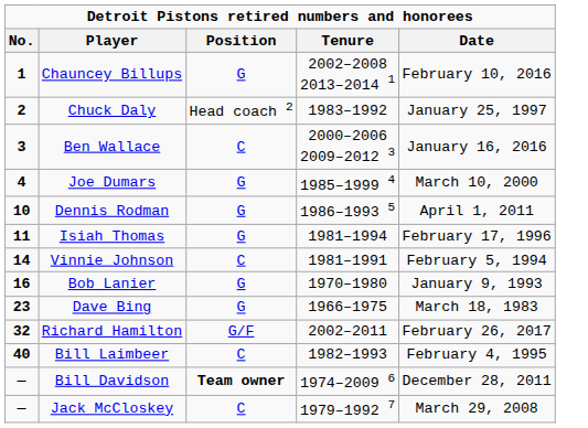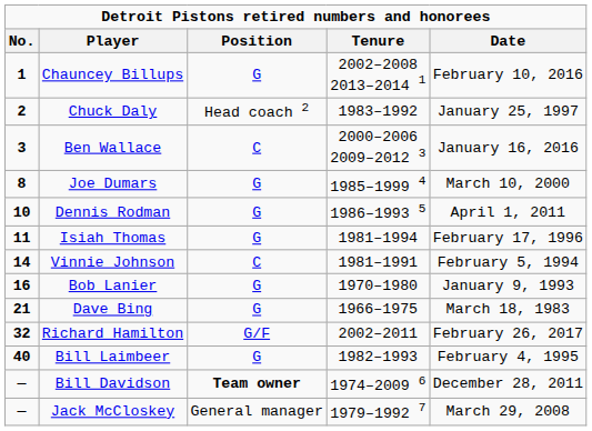 <table class="wikitable sortable" style="text-align:center">
 <tr>
 <td colspan="6"><strong>Detroit Pistons retired numbers and honorees</strong></td>
 </tr>
 <tr>
 <th>No.</th>
 <th>Player</th>
 <th>Position</th>
 <th>Tenure</th>
 <th>Date</th>
 </tr>
 <tr>
 <td><strong>1</strong></td>
 <td><a href='#'>Chauncey Billups</a></td>
 <td><a href='#'>G</a></td>
 <td>2002–2008<br>2013–2014 <sup>1</sup></td>
 <td>February 10, 2016</td>
 </tr>
 <tr>
 <td><strong>2</strong></td>
 <td><a href='#'>Chuck Daly</a></td>
 <td>Head coach <sup>2</sup></td>
 <td>1983–1992</td>
 <td>January 25, 1997</td>
 </tr>
 <tr>
 <td><strong>3</strong></td>
 <td><a href='#'>Ben Wallace</a></td>
 <td><a href='#'>C</a></td>
 <td>2000–2006<br>2009–2012 <sup>3</sup></td>
 <td>January 16, 2016</td>
 </tr>
 <tr>
-<td><strong>4</strong></td>
+<td><strong>8</strong></td>
 <td><a href='#'>Joe Dumars</a></td>
 <td><a href='#'>G</a></td>
 <td>1985–1999 <sup>4</sup></td>
 <td>March 10, 2000</td>
 </tr>
 <tr>
 <td><strong>10</strong></td>
 <td><a href='#'>Dennis Rodman</a></td>
 <td><a href='#'>G</a></td>
 <td>1986–1993 <sup>5</sup></td>
 <td>April 1, 2011</td>
 </tr>
 <tr>
 <td><strong>11</strong></td>
 <td><a href='#'>Isiah Thomas</a></td>
 <td><a href='#'>G</a></td>
 <td>1981–1994</td>
 <td>February 17, 1996</td>
 </tr>
 <tr>
 <td><strong>14</strong></td>
 <td><a href='#'>Vinnie Johnson</a></td>
 <td><a href='#'>C</a></td>
 <td>1981–1991</td>
 <td>February 5, 1994</td>
 </tr>
 <tr>
 <td><strong>16</strong></td>
 <td><a href='#'>Bob Lanier</a></td>
 <td><a href='#'>G</a></td>
 <td>1970–1980</td>
 <td>January 9, 1993</td>
 </tr>
 <tr>
-<td><strong>23</strong></td>
+<td><strong>21</strong></td>
 <td><a href='#'>Dave Bing</a></td>
 <td><a href='#'>G</a></td>
 <td>1966–1975</td>
 <td>March 18, 1983</td>
 </tr>
 <tr>
 <td><strong>32</strong></td>
 <td><a href='#'>Richard Hamilton</a></td>
 <td><a href='#'>G/F</a></td>
 <td>2002–2011</td>
 <td>February 26, 2017</td>
 </tr>
 <tr>
 <td><strong>40</strong></td>
 <td><a href='#'>Bill Laimbeer</a></td>
-<td><a href='#'>C</a></td>
+<td><a href='#'>G</a></td>
 <td>1982–1993</td>
 <td>February 4, 1995</td>
 </tr>
 <tr>
 <td>—</td>
 <td><a href='#'>Bill Davidson</a></td>
 <td><strong>Team owner</strong></td>
 <td>1974–2009 <sup>6</sup></td>
 <td>December 28, 2011</td>
 </tr>
 <tr>
 <td>—</td>
 <td><a href='#'>Jack McCloskey</a></td>
-<td><a href='#'>C</a></td>
+<td>General manager</td>
 <td>1979–1992 <sup>7</sup></td>
 <td>March 29, 2008</td>
 </tr>
 </table>
